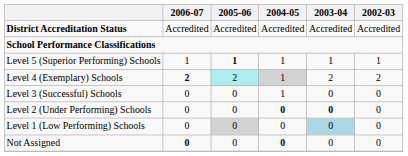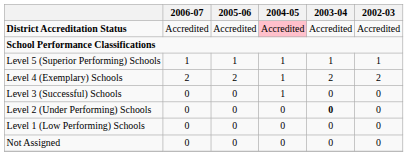 <table class="wikitable" style="font-size: 95%;">
 <tr>
 <th></th>
 <th>2006-07</th>
 <th>2005-06</th>
 <th>2004-05</th>
 <th>2003-04</th>
 <th>2002-03</th>
 </tr>
 <tr>
 <td align="left"><strong>District Accreditation Status</strong></td>
 <td align="center">Accredited</td>
 <td align="center">Accredited</td>
-<td align="center">Accredited</td>
+<td align="center" style="background: pink;">Accredited</td>
 <td align="center">Accredited</td>
 <td align="center">Accredited</td>
 </tr>
 <tr>
 <td align="left" colspan="6"><strong>School Performance Classifications</strong></td>
 </tr>
 <tr>
 <td align="left">Level 5 (Superior Performing) Schools</td>
 <td align="center">1</td>
-<td align="center"><strong>1</strong></td>
+<td align="center">1</td>
 <td align="center">1</td>
 <td align="center">1</td>
 <td align="center">1</td>
 </tr>
 <tr>
 <td align="left">Level 4 (Exemplary) Schools</td>
-<td align="center"><strong>2</strong></td>
-<td align="center" style="background: paleturquoise;">2</td>
-<td align="center" style="background: lightgrey;">1</td>
+<td align="center">2</td>
+<td align="center">2</td>
+<td align="center">1</td>
 <td align="center">2</td>
 <td align="center">2</td>
 </tr>
 <tr>
 <td align="left">Level 3 (Successful) Schools</td>
 <td align="center">0</td>
 <td align="center">0</td>
 <td align="center">1</td>
 <td align="center">0</td>
 <td align="center">0</td>
 </tr>
 <tr>
 <td align="left">Level 2 (Under Performing) Schools</td>
 <td align="center">0</td>
 <td align="center">0</td>
-<td align="center"><strong>0</strong></td>
+<td align="center">0</td>
 <td align="center"><strong>0</strong></td>
 <td align="center">0</td>
 </tr>
 <tr>
 <td align="left">Level 1 (Low Performing) Schools</td>
 <td align="center">0</td>
-<td align="center" style="background: lightgrey;">0</td>
 <td align="center">0</td>
-<td align="center" style="background: lightblue;">0</td>
+<td align="center">0</td>
+<td align="center">0</td>
 <td align="center">0</td>
 </tr>
 <tr>
 <td align="left">Not Assigned</td>
-<td align="center"><strong>0</strong></td>
 <td align="center">0</td>
-<td align="center"><strong>0</strong></td>
+<td align="center">0</td>
+<td align="center">0</td>
 <td align="center">0</td>
 <td align="center">0</td>
 </tr>
 <tr>
 </tr>
 </table>
